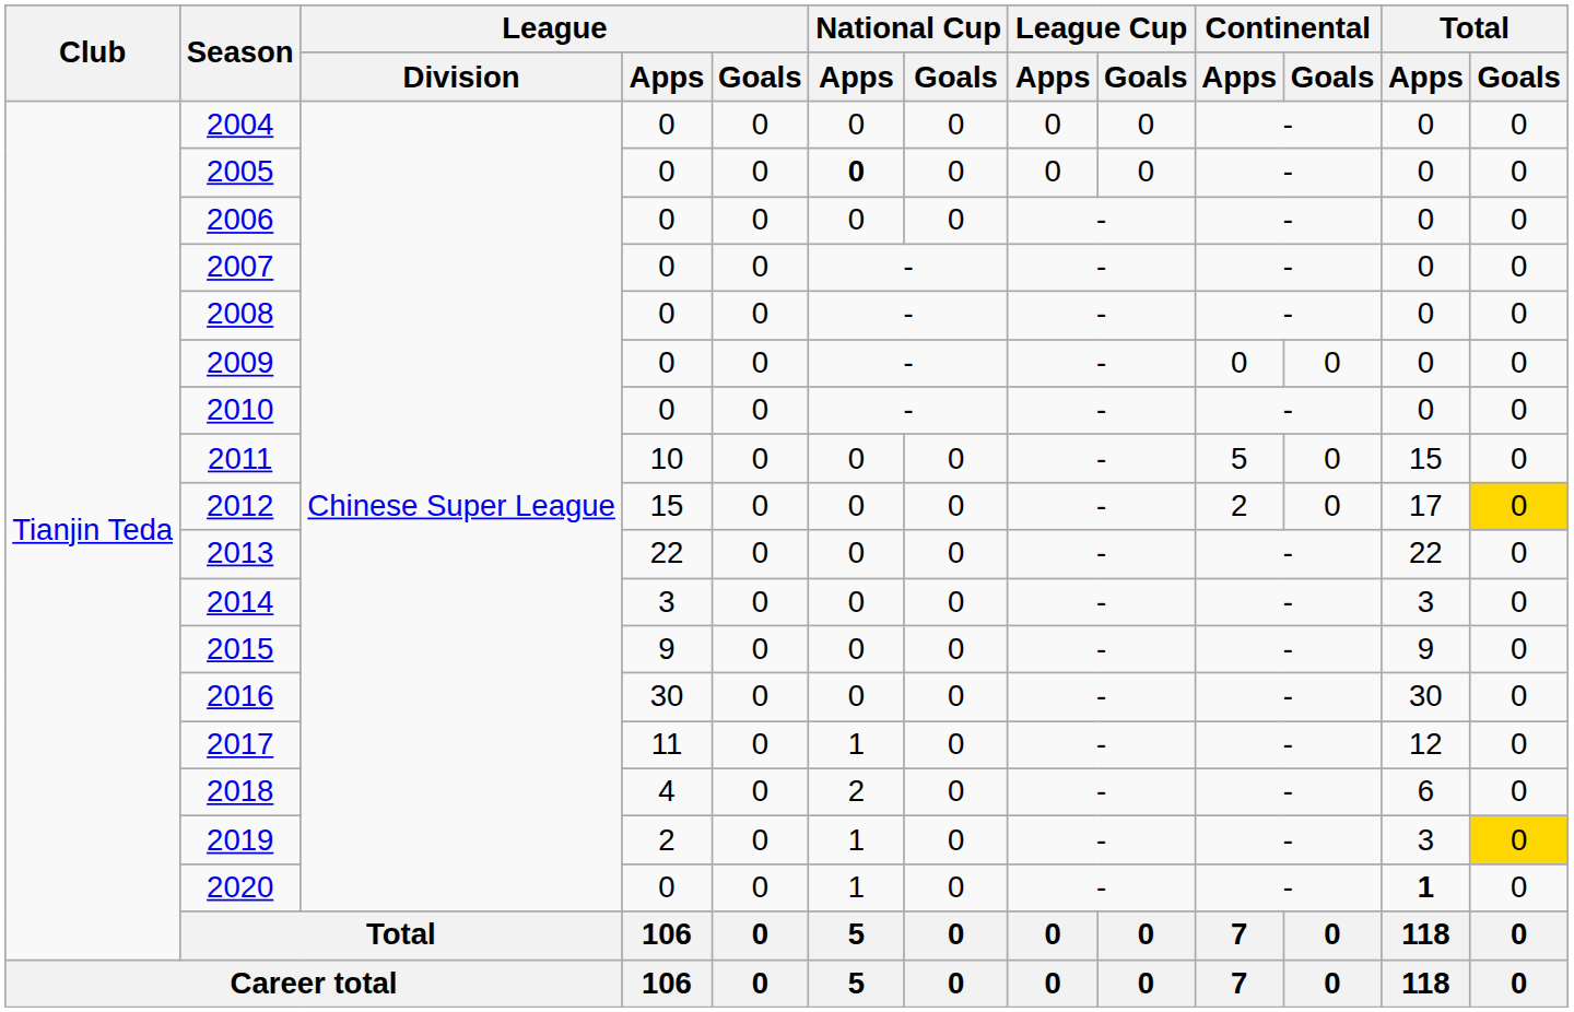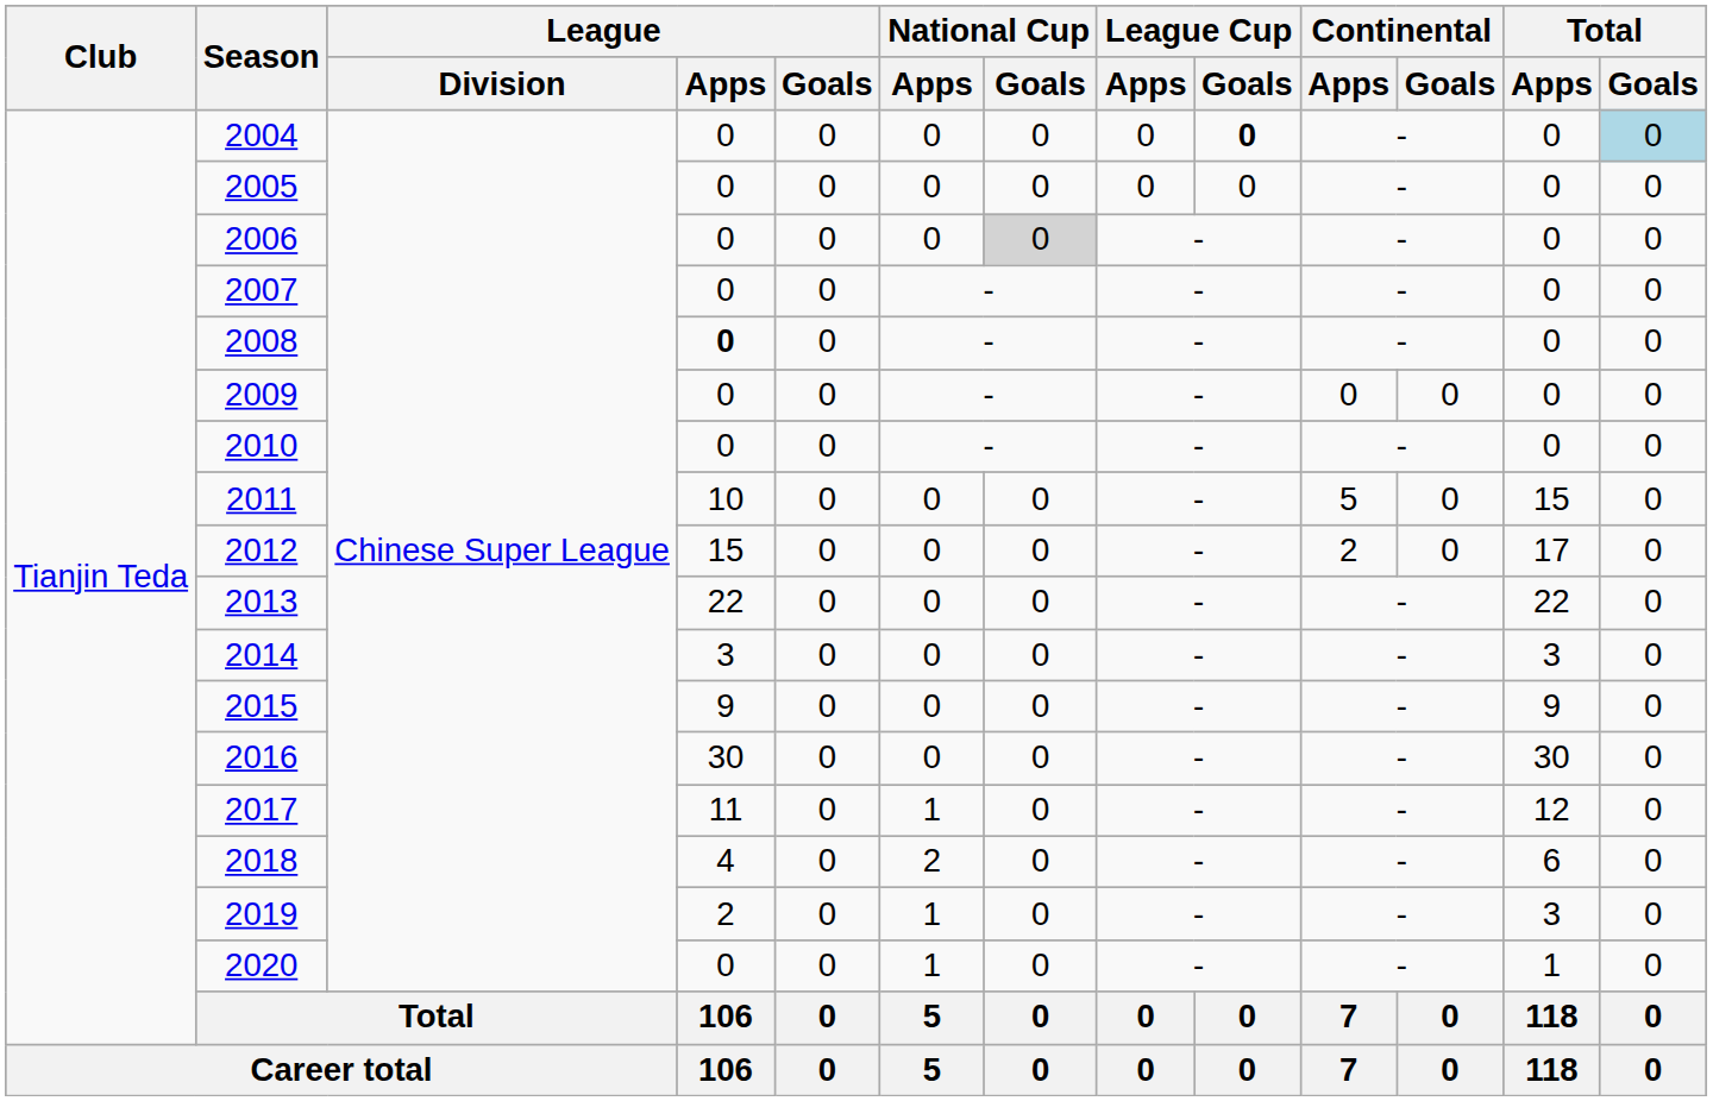 <table class="wikitable" style="text-align: center">
 <tr>
 <th rowspan="2">Club</th>
 <th rowspan="2">Season</th>
 <th colspan="3">League</th>
 <th colspan="2">National Cup</th>
 <th colspan="2">League Cup</th>
 <th colspan="2">Continental</th>
 <th colspan="2">Total</th>
 </tr>
 <tr>
 <th>Division</th>
 <th>Apps</th>
 <th>Goals</th>
 <th>Apps</th>
 <th>Goals</th>
 <th>Apps</th>
 <th>Goals</th>
 <th>Apps</th>
 <th>Goals</th>
 <th>Apps</th>
 <th>Goals</th>
 </tr>
 <tr>
 <td rowspan=18><a href='#'>Tianjin Teda</a></td>
 <td><a href='#'>2004</a></td>
 <td rowspan=17><a href='#'>Chinese Super League</a></td>
 <td>0</td>
 <td>0</td>
 <td>0</td>
 <td>0</td>
 <td>0</td>
-<td>0</td>
+<td><strong>0</strong></td>
 <td colspan="2">-</td>
 <td>0</td>
-<td>0</td>
+<td style="background: lightblue;">0</td>
 </tr>
 <tr>
 <td><a href='#'>2005</a></td>
 <td>0</td>
 <td>0</td>
-<td><strong>0</strong></td>
+<td>0</td>
 <td>0</td>
 <td>0</td>
 <td>0</td>
 <td colspan="2">-</td>
 <td>0</td>
 <td>0</td>
 </tr>
 <tr>
 <td><a href='#'>2006</a></td>
 <td>0</td>
 <td>0</td>
 <td>0</td>
-<td>0</td>
+<td style="background: lightgrey;">0</td>
 <td colspan="2">-</td>
 <td colspan="2">-</td>
 <td>0</td>
 <td>0</td>
 </tr>
 <tr>
 <td><a href='#'>2007</a></td>
 <td>0</td>
 <td>0</td>
 <td colspan="2">-</td>
 <td colspan="2">-</td>
 <td colspan="2">-</td>
 <td>0</td>
 <td>0</td>
 </tr>
 <tr>
 <td><a href='#'>2008</a></td>
-<td>0</td>
+<td><strong>0</strong></td>
 <td>0</td>
 <td colspan="2">-</td>
 <td colspan="2">-</td>
 <td colspan="2">-</td>
 <td>0</td>
 <td>0</td>
 </tr>
 <tr>
 <td><a href='#'>2009</a></td>
 <td>0</td>
 <td>0</td>
 <td colspan="2">-</td>
 <td colspan="2">-</td>
 <td>0</td>
 <td>0</td>
 <td>0</td>
 <td>0</td>
 </tr>
 <tr>
 <td><a href='#'>2010</a></td>
 <td>0</td>
 <td>0</td>
 <td colspan="2">-</td>
 <td colspan="2">-</td>
 <td colspan="2">-</td>
 <td>0</td>
 <td>0</td>
 </tr>
 <tr>
 <td><a href='#'>2011</a></td>
 <td>10</td>
 <td>0</td>
 <td>0</td>
 <td>0</td>
 <td colspan="2">-</td>
 <td>5</td>
 <td>0</td>
 <td>15</td>
 <td>0</td>
 </tr>
 <tr>
 <td><a href='#'>2012</a></td>
 <td>15</td>
 <td>0</td>
 <td>0</td>
 <td>0</td>
 <td colspan="2">-</td>
 <td>2</td>
 <td>0</td>
 <td>17</td>
-<td style="background: gold;">0</td>
+<td>0</td>
 </tr>
 <tr>
 <td><a href='#'>2013</a></td>
 <td>22</td>
 <td>0</td>
 <td>0</td>
 <td>0</td>
 <td colspan="2">-</td>
 <td colspan="2">-</td>
 <td>22</td>
 <td>0</td>
 </tr>
 <tr>
 <td><a href='#'>2014</a></td>
 <td>3</td>
 <td>0</td>
 <td>0</td>
 <td>0</td>
 <td colspan="2">-</td>
 <td colspan="2">-</td>
 <td>3</td>
 <td>0</td>
 </tr>
 <tr>
 <td><a href='#'>2015</a></td>
 <td>9</td>
 <td>0</td>
 <td>0</td>
 <td>0</td>
 <td colspan="2">-</td>
 <td colspan="2">-</td>
 <td>9</td>
 <td>0</td>
 </tr>
 <tr>
 <td><a href='#'>2016</a></td>
 <td>30</td>
 <td>0</td>
 <td>0</td>
 <td>0</td>
 <td colspan="2">-</td>
 <td colspan="2">-</td>
 <td>30</td>
 <td>0</td>
 </tr>
 <tr>
 <td><a href='#'>2017</a></td>
 <td>11</td>
 <td>0</td>
 <td>1</td>
 <td>0</td>
 <td colspan="2">-</td>
 <td colspan="2">-</td>
 <td>12</td>
 <td>0</td>
 </tr>
 <tr>
 <td><a href='#'>2018</a></td>
 <td>4</td>
 <td>0</td>
 <td>2</td>
 <td>0</td>
 <td colspan="2">-</td>
 <td colspan="2">-</td>
 <td>6</td>
 <td>0</td>
 </tr>
 <tr>
 <td><a href='#'>2019</a></td>
 <td>2</td>
 <td>0</td>
 <td>1</td>
 <td>0</td>
 <td colspan="2">-</td>
 <td colspan="2">-</td>
 <td>3</td>
-<td style="background: gold;">0</td>
+<td>0</td>
 </tr>
 <tr>
 <td><a href='#'>2020</a></td>
 <td>0</td>
 <td>0</td>
 <td>1</td>
 <td>0</td>
 <td colspan="2">-</td>
 <td colspan="2">-</td>
-<td><strong>1</strong></td>
+<td>1</td>
 <td>0</td>
 </tr>
 <tr>
 <th colspan=2>Total</th>
 <th>106</th>
 <th>0</th>
 <th>5</th>
 <th>0</th>
 <th>0</th>
 <th>0</th>
 <th>7</th>
 <th>0</th>
 <th>118</th>
 <th>0</th>
 </tr>
 <tr>
 <th colspan=3>Career total</th>
 <th>106</th>
 <th>0</th>
 <th>5</th>
 <th>0</th>
 <th>0</th>
 <th>0</th>
 <th>7</th>
 <th>0</th>
 <th>118</th>
 <th>0</th>
 </tr>
 </table>
